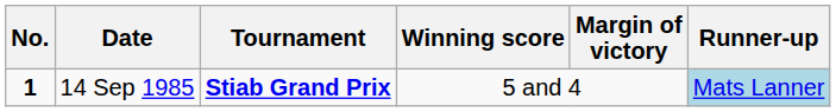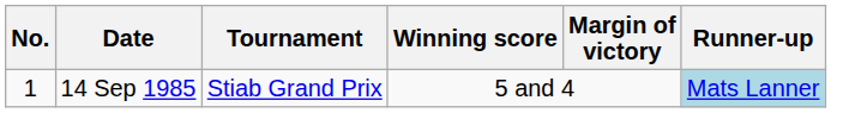 <table class="wikitable" style="font-size:95%;">
 <tr>
 <th>No.</th>
 <th>Date</th>
 <th>Tournament</th>
 <th>Winning score</th>
 <th>Margin of<br>victory</th>
 <th>Runner-up</th>
 </tr>
 <tr>
-<td align=center><strong>1</strong></td>
+<td align=center>1</td>
 <td align=right>14 Sep <a href='#'>1985</a></td>
-<td><strong><a href='#'>Stiab Grand Prix</a></strong></td>
+<td><a href='#'>Stiab Grand Prix</a></td>
 <td colspan=2 align=center>5 and 4</td>
 <td style="background: lightblue;"> <a href='#'>Mats Lanner</a></td>
 </tr>
 </table>
